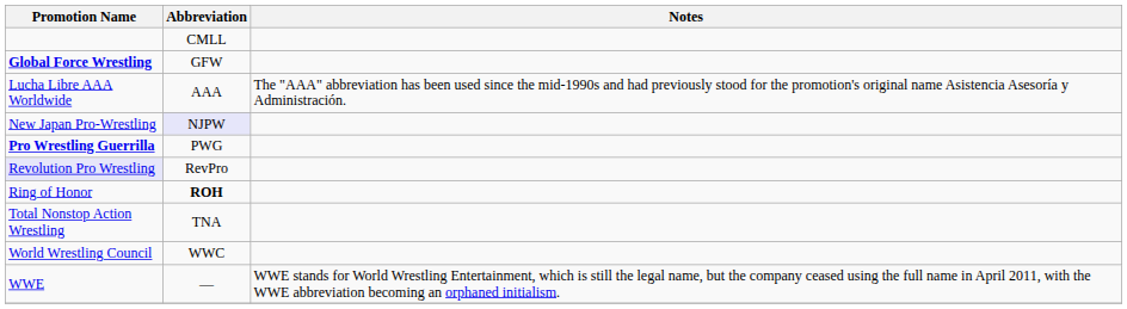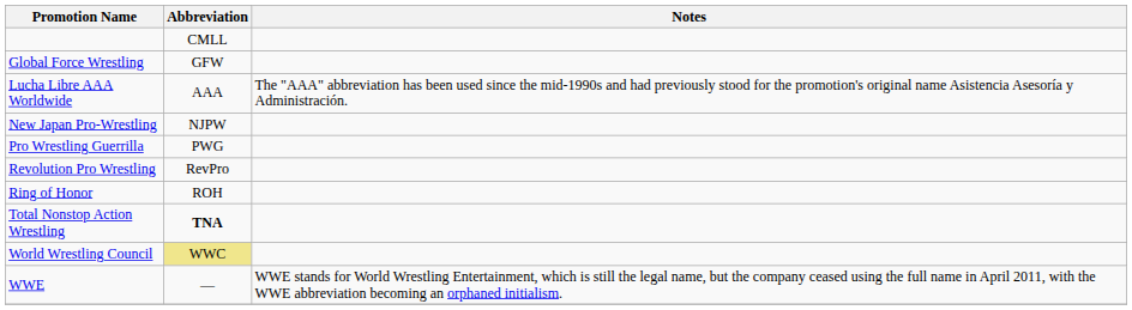 <table class="wikitable">
 <tr>
 <th>Promotion Name</th>
 <th>Abbreviation</th>
 <th>Notes</th>
 </tr>
 <tr>
 <td></td>
 <td align=center>CMLL</td>
 <td></td>
 </tr>
 <tr>
-<td><strong><a href='#'>Global Force Wrestling</a></strong></td>
+<td><a href='#'>Global Force Wrestling</a></td>
 <td align=center>GFW</td>
 <td></td>
 </tr>
 <tr>
 <td><a href='#'>Lucha Libre AAA Worldwide</a></td>
 <td align=center>AAA</td>
 <td>The "AAA" abbreviation has been used since the mid-1990s and had previously stood for the promotion's original name Asistencia Asesoría y Administración.</td>
 </tr>
 <tr>
 <td><a href='#'>New Japan Pro-Wrestling</a></td>
-<td align=center style="background: lavender;">NJPW</td>
+<td align=center>NJPW</td>
 <td></td>
 </tr>
 <tr>
-<td><strong><a href='#'>Pro Wrestling Guerrilla</a></strong></td>
+<td><a href='#'>Pro Wrestling Guerrilla</a></td>
 <td align=center>PWG</td>
 <td></td>
 </tr>
 <tr>
-<td style="background: lavender;"><a href='#'>Revolution Pro Wrestling</a></td>
+<td><a href='#'>Revolution Pro Wrestling</a></td>
 <td align=center>RevPro</td>
 <td></td>
 </tr>
 <tr>
 <td><a href='#'>Ring of Honor</a></td>
-<td align=center><strong>ROH</strong></td>
+<td align=center>ROH</td>
 <td></td>
 </tr>
 <tr>
 <td><a href='#'>Total Nonstop Action Wrestling</a></td>
-<td align=center>TNA</td>
+<td align=center><strong>TNA</strong></td>
 <td></td>
 </tr>
 <tr>
 <td><a href='#'>World Wrestling Council</a></td>
-<td align=center>WWC</td>
+<td align=center style="background: khaki;">WWC</td>
 <td></td>
 </tr>
 <tr>
 <td><a href='#'>WWE</a></td>
 <td align=center>—</td>
 <td>WWE stands for World Wrestling Entertainment, which is still the legal name, but the company ceased using the full name in April 2011, with the WWE abbreviation becoming an <a href='#'>orphaned initialism</a>.<br></td>
 </tr>
 <tr>
 </tr>
 </table>
